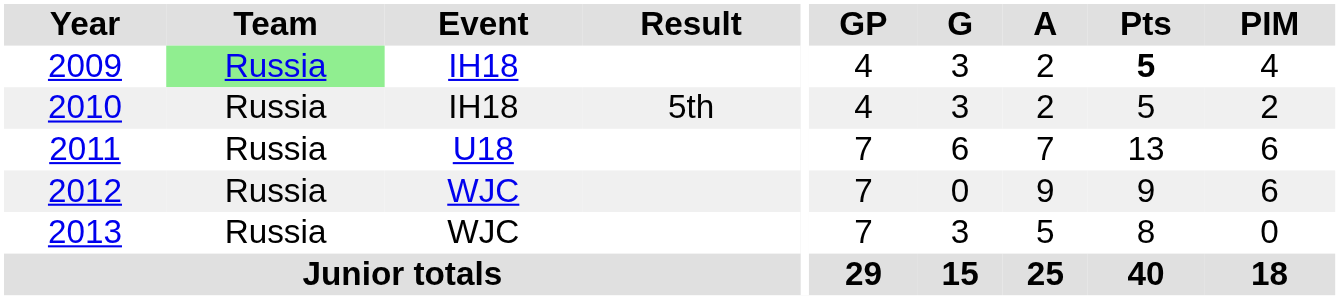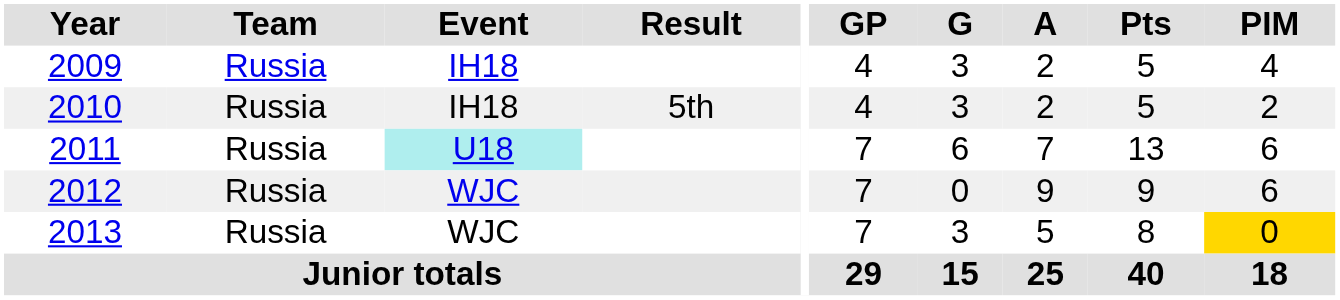 <table border="0" cellpadding="1" cellspacing="0" ID="Table3" style="text-align:center; width:40em">
 <tr ALIGN="center" bgcolor="#e0e0e0">
 <th>Year</th>
 <th>Team</th>
 <th>Event</th>
 <th>Result</th>
 <th rowspan="99" bgcolor="#ffffff"></th>
 <th>GP</th>
 <th>G</th>
 <th>A</th>
 <th>Pts</th>
 <th>PIM</th>
 </tr>
 <tr>
 <td><a href='#'>2009</a></td>
-<td style="background: lightgreen;"><a href='#'>Russia</a></td>
+<td><a href='#'>Russia</a></td>
 <td><a href='#'>IH18</a></td>
 <td></td>
 <td>4</td>
 <td>3</td>
 <td>2</td>
-<td><strong>5</strong></td>
+<td>5</td>
 <td>4</td>
 </tr>
 <tr bgcolor="#f0f0f0">
 <td><a href='#'>2010</a></td>
 <td>Russia</td>
 <td>IH18</td>
 <td>5th</td>
 <td>4</td>
 <td>3</td>
 <td>2</td>
 <td>5</td>
 <td>2</td>
 </tr>
 <tr>
 <td><a href='#'>2011</a></td>
 <td>Russia</td>
-<td><a href='#'>U18</a></td>
+<td style="background: paleturquoise;"><a href='#'>U18</a></td>
 <td></td>
 <td>7</td>
 <td>6</td>
 <td>7</td>
 <td>13</td>
 <td>6</td>
 </tr>
 <tr bgcolor="#f0f0f0">
 <td><a href='#'>2012</a></td>
 <td>Russia</td>
 <td><a href='#'>WJC</a></td>
 <td></td>
 <td>7</td>
 <td>0</td>
 <td>9</td>
 <td>9</td>
 <td>6</td>
 </tr>
 <tr>
 <td><a href='#'>2013</a></td>
 <td>Russia</td>
 <td>WJC</td>
 <td></td>
 <td>7</td>
 <td>3</td>
 <td>5</td>
 <td>8</td>
-<td>0</td>
+<td style="background: gold;">0</td>
 </tr>
 <tr bgcolor="#e0e0e0">
 <th colspan=4>Junior totals</th>
 <th>29</th>
 <th>15</th>
 <th>25</th>
 <th>40</th>
 <th>18</th>
 </tr>
 </table>
